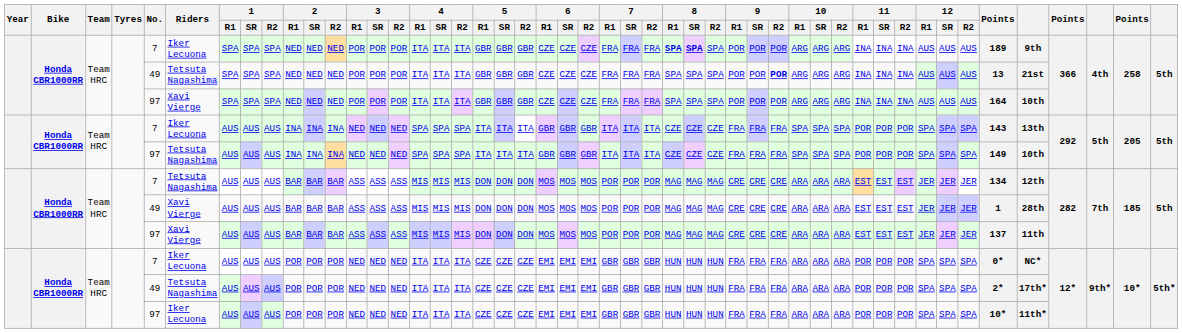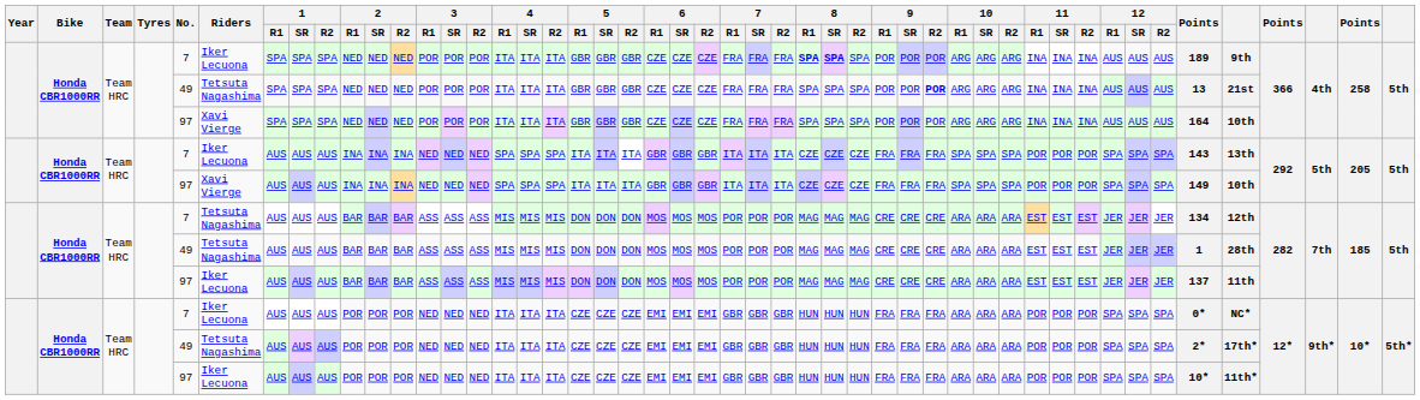 <table class="wikitable" style="text-align:center; font-size:90%">
 <tr>
 <th rowspan="2">Year</th>
 <th rowspan="2">Bike</th>
 <th rowspan="2">Team</th>
 <th rowspan="2">Tyres</th>
 <th rowspan="2">No.</th>
 <th rowspan="2">Riders</th>
 <th colspan="3">1</th>
 <th colspan="3">2</th>
 <th colspan="3">3</th>
 <th colspan="3">4</th>
 <th colspan="3">5</th>
 <th colspan="3">6</th>
 <th colspan="3">7</th>
 <th colspan="3">8</th>
 <th colspan="3">9</th>
 <th colspan="3">10</th>
 <th colspan="3">11</th>
 <th colspan="3">12</th>
 <th rowspan="2">Points</th>
 <th rowspan="2"></th>
 <th rowspan="2">Points</th>
 <th rowspan="2"></th>
 <th rowspan="2">Points</th>
 <th rowspan="2"></th>
 </tr>
 <tr>
 <th>R1</th>
 <th>SR</th>
 <th>R2</th>
 <th>R1</th>
 <th>SR</th>
 <th>R2</th>
 <th>R1</th>
 <th>SR</th>
 <th>R2</th>
 <th>R1</th>
 <th>SR</th>
 <th>R2</th>
 <th>R1</th>
 <th>SR</th>
 <th>R2</th>
 <th>R1</th>
 <th>SR</th>
 <th>R2</th>
 <th>R1</th>
 <th>SR</th>
 <th>R2</th>
 <th>R1</th>
 <th>SR</th>
 <th>R2</th>
 <th>R1</th>
 <th>SR</th>
 <th>R2</th>
 <th>R1</th>
 <th>SR</th>
 <th>R2</th>
 <th>R1</th>
 <th>SR</th>
 <th>R2</th>
 <th>R1</th>
 <th>SR</th>
 <th>R2</th>
 </tr>
 <tr>
 <th rowspan="3"></th>
 <th rowspan="3"><a href='#'>Honda CBR1000RR</a></th>
 <td rowspan="3">Team HRC</td>
 <td rowspan="3"></td>
 <td>7</td>
 <td style="text-align:left;"> <a href='#'>Iker Lecuona</a></td>
 <td style="background:#dfffdf;"><a href='#'>SPA</a><br></td>
 <td style="background:#dfffdf;"><a href='#'>SPA</a><br></td>
 <td style="background:#dfffdf;"><a href='#'>SPA</a><br></td>
 <td style="background:#dfffdf;"><a href='#'>NED</a><br></td>
 <td style="background:#dfffdf;"><a href='#'>NED</a><br></td>
 <td style="background:#ffdf9f;"><a href='#'>NED</a><br></td>
 <td style="background:#dfffdf;"><a href='#'>POR</a><br></td>
 <td style="background:#dfffdf;"><a href='#'>POR</a><br></td>
 <td style="background:#dfffdf;"><a href='#'>POR</a><br></td>
 <td style="background:#dfffdf;"><a href='#'>ITA</a><br></td>
 <td style="background:#dfffdf;"><a href='#'>ITA</a><br></td>
 <td style="background:#dfffdf;"><a href='#'>ITA</a><br></td>
 <td style="background:#dfffdf;"><a href='#'>GBR</a><br></td>
 <td style="background:#dfffdf;"><a href='#'>GBR</a><br></td>
 <td style="background:#dfffdf;"><a href='#'>GBR</a><br></td>
 <td style="background:#dfffdf;"><a href='#'>CZE</a><br></td>
 <td style="background:#dfffdf;"><a href='#'>CZE</a><br></td>
 <td style="background:#efcfff;"><a href='#'>CZE</a><br></td>
 <td style="background:#dfffdf;"><a href='#'>FRA</a><br></td>
 <td style="background:#cfcfff;"><a href='#'>FRA</a><br></td>
 <td style="background:#dfffdf;"><a href='#'>FRA</a><br></td>
 <td style="background:#dfffdf;"><strong><a href='#'>SPA</a></strong><br></td>
 <td style="background:#efcfff;"><strong><a href='#'>SPA</a></strong><br></td>
 <td style="background:#dfffdf;"><a href='#'>SPA</a><br></td>
 <td style="background:#dfffdf;"><a href='#'>POR</a><br></td>
 <td style="background:#cfcfff;"><a href='#'>POR</a><br></td>
 <td style="background:#cfcfff;"><a href='#'>POR</a><br></td>
 <td style="background:#dfffdf;"><a href='#'>ARG</a><br></td>
 <td style="background:#dfffdf;"><a href='#'>ARG</a><br></td>
 <td style="background:#dfffdf;"><a href='#'>ARG</a><br></td>
 <td style="background:#ffffff;"><a href='#'>INA</a><br></td>
 <td style="background:#ffffff;"><a href='#'>INA</a><br></td>
 <td style="background:#ffffff;"><a href='#'>INA</a><br></td>
 <td><a href='#'>AUS</a></td>
 <td><a href='#'>AUS</a></td>
 <td><a href='#'>AUS</a></td>
 <th>189</th>
 <th>9th</th>
 <th rowspan="3">366</th>
 <th rowspan="3">4th</th>
 <th rowspan="3">258</th>
 <th rowspan="3">5th</th>
 </tr>
 <tr>
 <td>49</td>
 <td style="text-align:left;"> <a href='#'>Tetsuta Nagashima</a></td>
 <td><a href='#'>SPA</a></td>
 <td><a href='#'>SPA</a></td>
 <td><a href='#'>SPA</a></td>
 <td><a href='#'>NED</a></td>
 <td><a href='#'>NED</a></td>
 <td><a href='#'>NED</a></td>
 <td><a href='#'>POR</a></td>
 <td><a href='#'>POR</a></td>
 <td><a href='#'>POR</a></td>
 <td><a href='#'>ITA</a></td>
 <td><a href='#'>ITA</a></td>
 <td><a href='#'>ITA</a></td>
 <td><a href='#'>GBR</a></td>
 <td><a href='#'>GBR</a></td>
 <td><a href='#'>GBR</a></td>
 <td><a href='#'>CZE</a></td>
 <td><a href='#'>CZE</a></td>
 <td><a href='#'>CZE</a></td>
 <td><a href='#'>FRA</a></td>
 <td><a href='#'>FRA</a></td>
 <td><a href='#'>FRA</a></td>
 <td><a href='#'>SPA</a></td>
 <td><a href='#'>SPA</a></td>
 <td><a href='#'>SPA</a></td>
 <td><a href='#'>POR</a></td>
 <td><a href='#'>POR</a></td>
 <td><strong><a href='#'>POR</a></strong></td>
 <td><a href='#'>ARG</a></td>
 <td><a href='#'>ARG</a></td>
 <td><a href='#'>ARG</a></td>
 <td><a href='#'>INA</a></td>
 <td><a href='#'>INA</a></td>
 <td><a href='#'>INA</a></td>
 <td style="background:#dfffdf;"><a href='#'>AUS</a><br></td>
 <td style="background:#cfcfff;"><a href='#'>AUS</a><br></td>
 <td style="background:#DFFFDF;"><a href='#'>AUS</a><br></td>
 <th>13</th>
 <th>21st</th>
 </tr>
 <tr>
 <td>97</td>
 <td style="text-align:left;"> <a href='#'>Xavi Vierge</a></td>
 <td style="background:#dfffdf;"><a href='#'>SPA</a><br></td>
 <td style="background:#dfffdf;"><a href='#'>SPA</a><br></td>
 <td style="background:#dfffdf;"><a href='#'>SPA</a><br></td>
 <td style="background:#dfffdf;"><a href='#'>NED</a><br></td>
 <td style="background:#cfcfff;"><a href='#'>NED</a><br></td>
 <td style="background:#dfffdf;"><a href='#'>NED</a><br></td>
 <td style="background:#dfffdf;"><a href='#'>POR</a><br></td>
 <td style="background:#efcfff;"><a href='#'>POR</a><br></td>
 <td style="background:#dfffdf;"><a href='#'>POR</a><br></td>
 <td style="background:#dfffdf;"><a href='#'>ITA</a><br></td>
 <td style="background:#dfffdf;"><a href='#'>ITA</a><br></td>
 <td style="background:#efcfff;"><a href='#'>ITA</a><br></td>
 <td style="background:#dfffdf;"><a href='#'>GBR</a><br></td>
 <td style="background:#cfcfff;"><a href='#'>GBR</a><br></td>
 <td style="background:#dfffdf;"><a href='#'>GBR</a><br></td>
 <td style="background:#dfffdf;"><a href='#'>CZE</a><br></td>
 <td style="background:#cfcfff;"><a href='#'>CZE</a><br></td>
 <td style="background:#dfffdf;"><a href='#'>CZE</a><br></td>
 <td style="background:#dfffdf;"><a href='#'>FRA</a><br></td>
 <td style="background:#efcfff;"><a href='#'>FRA</a><br></td>
 <td style="background:#efcfff;"><a href='#'>FRA</a><br></td>
 <td style="background:#dfffdf;"><a href='#'>SPA</a><br></td>
 <td style="background:#dfffdf;"><a href='#'>SPA</a><br></td>
 <td style="background:#dfffdf;"><a href='#'>SPA</a><br></td>
 <td style="background:#dfffdf;"><a href='#'>POR</a><br></td>
 <td style="background:#cfcfff;"><a href='#'>POR</a><br></td>
 <td style="background:#dfffdf;"><a href='#'>POR</a><br></td>
 <td style="background:#dfffdf;"><a href='#'>ARG</a><br></td>
 <td style="background:#dfffdf;"><a href='#'>ARG</a><br></td>
 <td style="background:#dfffdf;"><a href='#'>ARG</a><br></td>
 <td style="background:#dfffdf;"><a href='#'>INA</a><br></td>
 <td style="background:#dfffdf;"><a href='#'>INA</a><br></td>
 <td style="background:#dfffdf;"><a href='#'>INA</a><br></td>
 <td style="background:#dfffdf;"><a href='#'>AUS</a><br></td>
 <td style="background:#dfffdf;"><a href='#'>AUS</a><br></td>
 <td style="background:#dfffdf;"><a href='#'>AUS</a><br></td>
 <th>164</th>
 <th>10th</th>
 </tr>
 <tr>
 <th rowspan="2"></th>
 <th rowspan="2"><a href='#'>Honda CBR1000RR</a></th>
 <td rowspan="2">Team HRC</td>
 <td rowspan="2"></td>
 <td>7</td>
 <td style="text-align:left;"> <a href='#'>Iker Lecuona</a></td>
 <td style="background:#dfffdf;"><a href='#'>AUS</a><br></td>
 <td style="background:#dfffdf;"><a href='#'>AUS</a><br></td>
 <td style="background:#dfffdf;"><a href='#'>AUS</a><br></td>
 <td style="background:#dfffdf;"><a href='#'>INA</a><br></td>
 <td style="background:#cfcfff;"><a href='#'>INA</a><br></td>
 <td style="background:#dfffdf;"><a href='#'>INA</a><br></td>
 <td style="background:#efcfff;"><a href='#'>NED</a><br></td>
 <td style="background:#cfcfff;"><a href='#'>NED</a><br></td>
 <td style="background:#efcfff;"><a href='#'>NED</a><br></td>
 <td style="background:#dfffdf;"><a href='#'>SPA</a><br></td>
 <td style="background:#dfffdf;"><a href='#'>SPA</a><br></td>
 <td style="background:#dfffdf;"><a href='#'>SPA</a><br></td>
 <td style="background:#dfffdf;"><a href='#'>ITA</a><br></td>
 <td style="background:#cfcfff;"><a href='#'>ITA</a><br></td>
 <td style="background:#ffffff;"><a href='#'>ITA</a><br></td>
 <td style="background:#efcfff;"><a href='#'>GBR</a><br></td>
 <td style="background:#cfcfff;"><a href='#'>GBR</a><br></td>
 <td style="background:#dfffdf;"><a href='#'>GBR</a><br></td>
 <td style="background:#efcfff;"><a href='#'>ITA</a><br></td>
 <td style="background:#cfcfff;"><a href='#'>ITA</a><br></td>
 <td style="background:#dfffdf;"><a href='#'>ITA</a><br></td>
 <td style="background:#dfffdf;"><a href='#'>CZE</a><br></td>
 <td style="background:#cfcfff;"><a href='#'>CZE</a><br></td>
 <td style="background:#dfffdf;"><a href='#'>CZE</a><br></td>
 <td style="background:#dfffdf;"><a href='#'>FRA</a><br></td>
 <td style="background:#cfcfff;"><a href='#'>FRA</a><br></td>
 <td style="background:#dfffdf;"><a href='#'>FRA</a><br></td>
 <td style="background:#dfffdf;"><a href='#'>SPA</a><br></td>
 <td style="background:#dfffdf;"><a href='#'>SPA</a><br></td>
 <td style="background:#dfffdf;"><a href='#'>SPA</a><br></td>
 <td style="background:#dfffdf;"><a href='#'>POR</a><br></td>
 <td style="background:#dfffdf;"><a href='#'>POR</a><br></td>
 <td style="background:#dfffdf;"><a href='#'>POR</a><br></td>
 <td style="background:#dfffdf;"><a href='#'>SPA</a><br></td>
 <td style="background:#cfcfff;"><a href='#'>SPA</a><br></td>
 <td style="background:#cfcfff;"><a href='#'>SPA</a><br></td>
 <th>143</th>
 <th>13th</th>
 <th rowspan="2">292</th>
 <th rowspan="2">5th</th>
 <th rowspan="2">205</th>
 <th rowspan="2">5th</th>
 </tr>
 <tr>
 <td>97</td>
-<td style="text-align:left;"> <a href='#'>Tetsuta Nagashima</a></td>
+<td style="text-align:left;"> <a href='#'>Xavi Vierge</a></td>
 <td style="background:#dfffdf;"><a href='#'>AUS</a><br></td>
 <td style="background:#cfcfff;"><a href='#'>AUS</a><br></td>
 <td style="background:#dfffdf;"><a href='#'>AUS</a><br></td>
 <td style="background:#dfffdf;"><a href='#'>INA</a><br></td>
 <td style="background:#dfffdf;"><a href='#'>INA</a><br></td>
 <td style="background:#ffdf9f;"><a href='#'>INA</a><br></td>
 <td style="background:#dfffdf;"><a href='#'>NED</a><br></td>
 <td style="background:#dfffdf;"><a href='#'>NED</a><br></td>
 <td style="background:#efcfff;"><a href='#'>NED</a><br></td>
 <td style="background:#dfffdf;"><a href='#'>SPA</a><br></td>
 <td style="background:#dfffdf;"><a href='#'>SPA</a><br></td>
 <td style="background:#dfffdf;"><a href='#'>SPA</a><br></td>
 <td style="background:#dfffdf;"><a href='#'>ITA</a><br></td>
 <td style="background:#dfffdf;"><a href='#'>ITA</a><br></td>
 <td style="background:#dfffdf;"><a href='#'>ITA</a><br></td>
 <td style="background:#dfffdf;"><a href='#'>GBR</a><br></td>
 <td style="background:#cfcfff;"><a href='#'>GBR</a><br></td>
 <td style="background:#efcfff;"><a href='#'>GBR</a><br></td>
 <td style="background:#dfffdf;"><a href='#'>ITA</a><br></td>
 <td style="background:#cfcfff;"><a href='#'>ITA</a><br></td>
 <td style="background:#dfffdf;"><a href='#'>ITA</a><br></td>
 <td style="background:#cfcfff;"><a href='#'>CZE</a><br></td>
 <td style="background:#efcfff;"><a href='#'>CZE</a><br></td>
 <td style="background:#dfffdf;"><a href='#'>CZE</a><br></td>
 <td style="background:#dfffdf;"><a href='#'>FRA</a><br></td>
 <td style="background:#dfffdf;"><a href='#'>FRA</a><br></td>
 <td style="background:#dfffdf;"><a href='#'>FRA</a><br></td>
 <td style="background:#dfffdf;"><a href='#'>SPA</a><br></td>
 <td style="background:#dfffdf;"><a href='#'>SPA</a><br></td>
 <td style="background:#dfffdf;"><a href='#'>SPA</a><br></td>
 <td style="background:#dfffdf;"><a href='#'>POR</a><br></td>
 <td style="background:#dfffdf;"><a href='#'>POR</a><br></td>
 <td style="background:#dfffdf;"><a href='#'>POR</a><br></td>
 <td style="background:#dfffdf;"><a href='#'>SPA</a><br></td>
 <td style="background:#cfcfff;"><a href='#'>SPA</a><br></td>
 <td style="background:#dfffdf;"><a href='#'>SPA</a><br></td>
 <th>149</th>
 <th>10th</th>
 </tr>
 <tr>
 <th rowspan="3"></th>
 <th rowspan="3"><a href='#'>Honda CBR1000RR</a></th>
 <td rowspan="3">Team HRC</td>
 <td rowspan="3"></td>
 <td>7</td>
 <td style="text-align:left;"> <a href='#'>Tetsuta Nagashima</a></td>
 <td style="background:#FFFFFF;"><a href='#'>AUS</a><br></td>
 <td style="background:#FFFFFF;"><a href='#'>AUS</a><br></td>
 <td style="background:#FFFFFF;"><a href='#'>AUS</a><br></td>
 <td style="background:#dfffdf;"><a href='#'>BAR</a><br></td>
 <td style="background:#cfcfff;"><a href='#'>BAR</a><br></td>
 <td style="background:#efcfff;"><a href='#'>BAR</a><br></td>
 <td style="background:#ffffff;"><a href='#'>ASS</a><br></td>
 <td style="background:#ffffff;"><a href='#'>ASS</a><br></td>
 <td style="background:#ffffff;"><a href='#'>ASS</a><br></td>
 <td style="background:#dfffdf;"><a href='#'>MIS</a><br></td>
 <td style="background:#dfffdf;"><a href='#'>MIS</a><br></td>
 <td style="background:#dfffdf;"><a href='#'>MIS</a><br></td>
 <td style="background:#dfffdf;"><a href='#'>DON</a><br></td>
 <td style="background:#dfffdf;"><a href='#'>DON</a><br></td>
 <td style="background:#dfffdf;"><a href='#'>DON</a><br></td>
 <td style="background:#efcfff;"><a href='#'>MOS</a><br></td>
 <td style="background:#dfffdf;"><a href='#'>MOS</a><br></td>
 <td style="background:#dfffdf;"><a href='#'>MOS</a><br></td>
 <td style="background:#dfffdf;"><a href='#'>POR</a><br></td>
 <td style="background:#dfffdf;"><a href='#'>POR</a><br></td>
 <td style="background:#dfffdf;"><a href='#'>POR</a><br></td>
 <td style="background:#dfffdf;"><a href='#'>MAG</a><br></td>
 <td style="background:#dfffdf;"><a href='#'>MAG</a><br></td>
 <td style="background:#dfffdf;"><a href='#'>MAG</a><br></td>
 <td style="background:#dfffdf;"><a href='#'>CRE</a><br></td>
 <td style="background:#dfffdf;"><a href='#'>CRE</a><br></td>
 <td style="background:#dfffdf;"><a href='#'>CRE</a><br></td>
 <td style="background:#dfffdf;"><a href='#'>ARA</a><br></td>
 <td style="background:#dfffdf;"><a href='#'>ARA</a><br></td>
 <td style="background:#dfffdf;"><a href='#'>ARA</a><br></td>
 <td style="background:#ffdf9f;"><a href='#'>EST</a><br></td>
 <td style="background:#dfffdf;"><a href='#'>EST</a><br></td>
 <td style="background:#efcfff;"><a href='#'>EST</a><br></td>
 <td style="background:#dfffdf;"><a href='#'>JER</a><br></td>
 <td style="background:#efcfff;"><a href='#'>JER</a><br></td>
 <td style="background:#ffffff;"><a href='#'>JER</a><br></td>
 <th>134</th>
 <th>12th</th>
 <th rowspan="3">282</th>
 <th rowspan="3">7th</th>
 <th rowspan="3">185</th>
 <th rowspan="3">5th</th>
 </tr>
 <tr>
 <td>49</td>
-<td style="text-align:left;"> <a href='#'>Xavi Vierge</a></td>
+<td style="text-align:left;"> <a href='#'>Tetsuta Nagashima</a></td>
 <td><a href='#'>AUS</a></td>
 <td><a href='#'>AUS</a></td>
 <td><a href='#'>AUS</a></td>
 <td><a href='#'>BAR</a></td>
 <td><a href='#'>BAR</a></td>
 <td><a href='#'>BAR</a></td>
 <td><a href='#'>ASS</a></td>
 <td><a href='#'>ASS</a></td>
 <td><a href='#'>ASS</a></td>
 <td><a href='#'>MIS</a></td>
 <td><a href='#'>MIS</a></td>
 <td><a href='#'>MIS</a></td>
 <td><a href='#'>DON</a></td>
 <td><a href='#'>DON</a></td>
 <td><a href='#'>DON</a></td>
 <td><a href='#'>MOS</a></td>
 <td><a href='#'>MOS</a></td>
 <td><a href='#'>MOS</a></td>
 <td><a href='#'>POR</a></td>
 <td><a href='#'>POR</a></td>
 <td><a href='#'>POR</a></td>
 <td><a href='#'>MAG</a></td>
 <td><a href='#'>MAG</a></td>
 <td><a href='#'>MAG</a></td>
 <td><a href='#'>CRE</a></td>
 <td><a href='#'>CRE</a></td>
 <td><a href='#'>CRE</a></td>
 <td><a href='#'>ARA</a></td>
 <td><a href='#'>ARA</a></td>
 <td><a href='#'>ARA</a></td>
 <td><a href='#'>EST</a></td>
 <td><a href='#'>EST</a></td>
 <td><a href='#'>EST</a></td>
 <td style="background:#DFFFDF;"><a href='#'>JER</a><br></td>
 <td style="background:#CFCFFF;"><a href='#'>JER</a><br></td>
 <td style="background:#CFCFFF;"><a href='#'>JER</a><br></td>
 <th>1</th>
 <th>28th</th>
 </tr>
 <tr>
 <td>97</td>
-<td style="text-align:left;"> <a href='#'>Xavi Vierge</a></td>
+<td style="text-align:left;"> <a href='#'>Iker Lecuona</a></td>
 <td style="background:#dfffdf;"><a href='#'>AUS</a><br></td>
 <td style="background:#cfcfff;"><a href='#'>AUS</a><br></td>
 <td style="background:#dfffdf;"><a href='#'>AUS</a><br></td>
 <td style="background:#dfffdf;"><a href='#'>BAR</a><br></td>
 <td style="background:#cfcfff;"><a href='#'>BAR</a><br></td>
 <td style="background:#dfffdf;"><a href='#'>BAR</a><br></td>
 <td style="background:#dfffdf;"><a href='#'>ASS</a><br></td>
 <td style="background:#cfcfff;"><a href='#'>ASS</a><br></td>
 <td style="background:#dfffdf;"><a href='#'>ASS</a><br></td>
 <td style="background:#cfcfff;"><a href='#'>MIS</a><br></td>
 <td style="background:#cfcfff;"><a href='#'>MIS</a><br></td>
 <td style="background:#efcfff;"><a href='#'>MIS</a><br></td>
 <td style="background:#efcfff;"><a href='#'>DON</a><br></td>
 <td style="background:#cfcfff;"><a href='#'>DON</a><br></td>
 <td style="background:#dfffdf;"><a href='#'>DON</a><br></td>
 <td style="background:#dfffdf;"><a href='#'>MOS</a><br></td>
 <td style="background:#efcfff;"><a href='#'>MOS</a><br></td>
 <td style="background:#dfffdf;"><a href='#'>MOS</a><br></td>
 <td style="background:#dfffdf;"><a href='#'>POR</a><br></td>
 <td style="background:#dfffdf;"><a href='#'>POR</a><br></td>
 <td style="background:#dfffdf;"><a href='#'>POR</a><br></td>
 <td style="background:#dfffdf;"><a href='#'>MAG</a><br></td>
 <td style="background:#dfffdf;"><a href='#'>MAG</a><br></td>
 <td style="background:#dfffdf;"><a href='#'>MAG</a><br></td>
 <td style="background:#dfffdf;"><a href='#'>CRE</a><br></td>
 <td style="background:#dfffdf;"><a href='#'>CRE</a><br></td>
 <td style="background:#dfffdf;"><a href='#'>CRE</a><br></td>
 <td style="background:#dfffdf;"><a href='#'>ARA</a><br></td>
 <td style="background:#dfffdf;"><a href='#'>ARA</a><br></td>
 <td style="background:#dfffdf;"><a href='#'>ARA</a><br></td>
 <td style="background:#dfffdf;"><a href='#'>EST</a><br></td>
 <td style="background:#dfffdf;"><a href='#'>EST</a><br></td>
 <td style="background:#dfffdf;"><a href='#'>EST</a><br></td>
 <td style="background:#dfffdf;"><a href='#'>JER</a><br></td>
 <td style="background:#efcfff;"><a href='#'>JER</a><br></td>
 <td style="background:#dfffdf;"><a href='#'>JER</a><br></td>
 <th>137</th>
 <th>11th</th>
 </tr>
 <tr>
 <th rowspan="3"></th>
 <th rowspan="3"><a href='#'>Honda CBR1000RR</a></th>
 <td rowspan="3">Team HRC</td>
 <td rowspan="3"></td>
 <td>7</td>
 <td style="text-align:left;"> <a href='#'>Iker Lecuona</a></td>
 <td style="background:#FFFFFF;"><a href='#'>AUS</a><br></td>
 <td style="background:#FFFFFF;"><a href='#'>AUS</a><br></td>
 <td style="background:#FFFFFF;"><a href='#'>AUS</a><br></td>
 <td><a href='#'>POR</a></td>
 <td><a href='#'>POR</a></td>
 <td><a href='#'>POR</a></td>
 <td><a href='#'>NED</a></td>
 <td><a href='#'>NED</a></td>
 <td><a href='#'>NED</a></td>
 <td><a href='#'>ITA</a></td>
 <td><a href='#'>ITA</a></td>
 <td><a href='#'>ITA</a></td>
 <td><a href='#'>CZE</a></td>
 <td><a href='#'>CZE</a></td>
 <td><a href='#'>CZE</a></td>
 <td><a href='#'>EMI</a></td>
 <td><a href='#'>EMI</a></td>
 <td><a href='#'>EMI</a></td>
 <td><a href='#'>GBR</a></td>
 <td><a href='#'>GBR</a></td>
 <td><a href='#'>GBR</a></td>
 <td><a href='#'>HUN</a></td>
 <td><a href='#'>HUN</a></td>
 <td><a href='#'>HUN</a></td>
 <td><a href='#'>FRA</a></td>
 <td><a href='#'>FRA</a></td>
 <td><a href='#'>FRA</a></td>
 <td><a href='#'>ARA</a></td>
 <td><a href='#'>ARA</a></td>
 <td><a href='#'>ARA</a></td>
 <td><a href='#'>POR</a></td>
 <td><a href='#'>POR</a></td>
 <td><a href='#'>POR</a></td>
 <td><a href='#'>SPA</a></td>
 <td><a href='#'>SPA</a></td>
 <td><a href='#'>SPA</a></td>
 <th>0*</th>
 <th>NC*</th>
 <th rowspan="3" style="background:#;">12*</th>
 <th rowspan="3" style="background:#;">9th*</th>
 <th rowspan="3" style="background:#;">10*</th>
 <th rowspan="3" style="background:#;">5th*</th>
 </tr>
 <tr>
 <td>49</td>
 <td style="text-align:left;"> <a href='#'>Tetsuta Nagashima</a></td>
 <td style="background:#DFFFDF;"><a href='#'>AUS</a><br></td>
 <td style="background:#EFCFFF;"><a href='#'>AUS</a><br></td>
 <td style="background:#CFCFFF;"><a href='#'>AUS</a><br></td>
 <td><a href='#'>POR</a></td>
 <td><a href='#'>POR</a></td>
 <td><a href='#'>POR</a></td>
 <td><a href='#'>NED</a></td>
 <td><a href='#'>NED</a></td>
 <td><a href='#'>NED</a></td>
 <td><a href='#'>ITA</a></td>
 <td><a href='#'>ITA</a></td>
 <td><a href='#'>ITA</a></td>
 <td><a href='#'>CZE</a></td>
 <td><a href='#'>CZE</a></td>
 <td><a href='#'>CZE</a></td>
 <td><a href='#'>EMI</a></td>
 <td><a href='#'>EMI</a></td>
 <td><a href='#'>EMI</a></td>
 <td><a href='#'>GBR</a></td>
 <td><a href='#'>GBR</a></td>
 <td><a href='#'>GBR</a></td>
 <td><a href='#'>HUN</a></td>
 <td><a href='#'>HUN</a></td>
 <td><a href='#'>HUN</a></td>
 <td><a href='#'>FRA</a></td>
 <td><a href='#'>FRA</a></td>
 <td><a href='#'>FRA</a></td>
 <td><a href='#'>ARA</a></td>
 <td><a href='#'>ARA</a></td>
 <td><a href='#'>ARA</a></td>
 <td><a href='#'>POR</a></td>
 <td><a href='#'>POR</a></td>
 <td><a href='#'>POR</a></td>
 <td><a href='#'>SPA</a></td>
 <td><a href='#'>SPA</a></td>
 <td><a href='#'>SPA</a></td>
 <th>2*</th>
 <th>17th*</th>
 </tr>
 <tr>
 <td>97</td>
 <td style="text-align:left;"> <a href='#'>Iker Lecuona</a></td>
 <td style="background:#DFFFDF;"><a href='#'>AUS</a><br></td>
 <td style="background:#CFCFFF;"><a href='#'>AUS</a><br></td>
 <td style="background:#DFFFDF;"><a href='#'>AUS</a><br></td>
 <td><a href='#'>POR</a></td>
 <td><a href='#'>POR</a></td>
 <td><a href='#'>POR</a></td>
 <td><a href='#'>NED</a></td>
 <td><a href='#'>NED</a></td>
 <td><a href='#'>NED</a></td>
 <td><a href='#'>ITA</a></td>
 <td><a href='#'>ITA</a></td>
 <td><a href='#'>ITA</a></td>
 <td><a href='#'>CZE</a></td>
 <td><a href='#'>CZE</a></td>
 <td><a href='#'>CZE</a></td>
 <td><a href='#'>EMI</a></td>
 <td><a href='#'>EMI</a></td>
 <td><a href='#'>EMI</a></td>
 <td><a href='#'>GBR</a></td>
 <td><a href='#'>GBR</a></td>
 <td><a href='#'>GBR</a></td>
 <td><a href='#'>HUN</a></td>
 <td><a href='#'>HUN</a></td>
 <td><a href='#'>HUN</a></td>
 <td><a href='#'>FRA</a></td>
 <td><a href='#'>FRA</a></td>
 <td><a href='#'>FRA</a></td>
 <td><a href='#'>ARA</a></td>
 <td><a href='#'>ARA</a></td>
 <td><a href='#'>ARA</a></td>
 <td><a href='#'>POR</a></td>
 <td><a href='#'>POR</a></td>
 <td><a href='#'>POR</a></td>
 <td><a href='#'>SPA</a></td>
 <td><a href='#'>SPA</a></td>
 <td><a href='#'>SPA</a></td>
 <th>10*</th>
 <th>11th*</th>
 </tr>
 </table>
